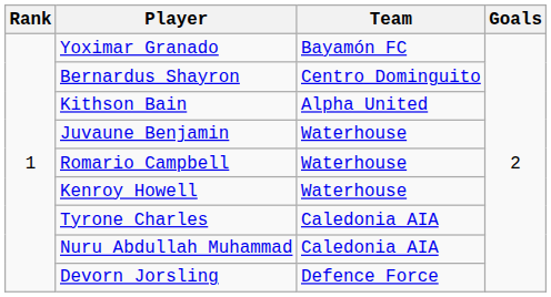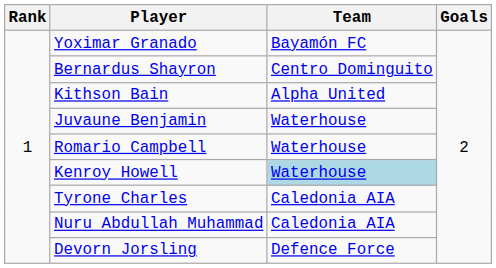 <table class="wikitable">
 <tr>
 <th>Rank</th>
 <th>Player</th>
 <th>Team</th>
 <th>Goals</th>
 </tr>
 <tr>
 <td align=center rowspan=9>1</td>
 <td> <a href='#'>Yoximar Granado</a></td>
 <td> <a href='#'>Bayamón FC</a></td>
 <td align=center rowspan=9>2</td>
 </tr>
 <tr>
 <td> <a href='#'>Bernardus Shayron</a></td>
 <td> <a href='#'>Centro Dominguito</a></td>
 </tr>
 <tr>
 <td> <a href='#'>Kithson Bain</a></td>
 <td> <a href='#'>Alpha United</a></td>
 </tr>
 <tr>
 <td> <a href='#'>Juvaune Benjamin</a></td>
 <td> <a href='#'>Waterhouse</a></td>
 </tr>
 <tr>
 <td> <a href='#'>Romario Campbell</a></td>
 <td> <a href='#'>Waterhouse</a></td>
 </tr>
 <tr>
 <td> <a href='#'>Kenroy Howell</a></td>
-<td> <a href='#'>Waterhouse</a></td>
+<td style="background: lightblue;"> <a href='#'>Waterhouse</a></td>
 </tr>
 <tr>
 <td> <a href='#'>Tyrone Charles</a></td>
 <td> <a href='#'>Caledonia AIA</a></td>
 </tr>
 <tr>
 <td> <a href='#'>Nuru Abdullah Muhammad</a></td>
 <td> <a href='#'>Caledonia AIA</a></td>
 </tr>
 <tr>
 <td> <a href='#'>Devorn Jorsling</a></td>
 <td> <a href='#'>Defence Force</a></td>
 </tr>
 </table>
